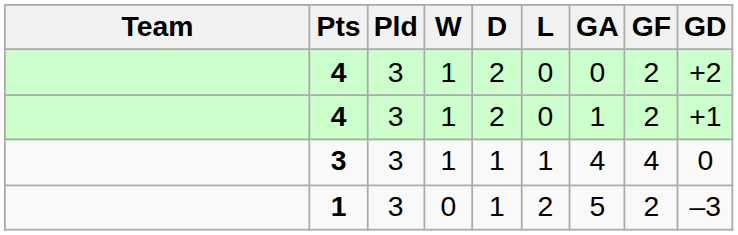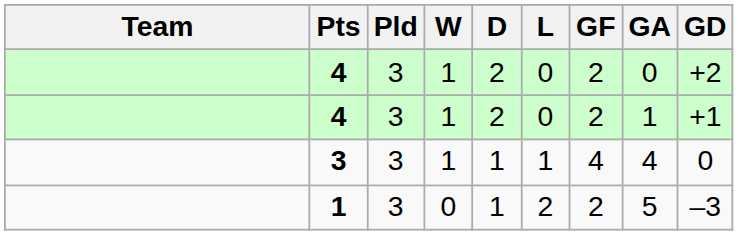 <table class=wikitable style="text-align:center">
 <tr>
 <th width=165>Team</th>
 <th width=20>Pts</th>
 <th width=20>Pld</th>
 <th width=20>W</th>
 <th width=20>D</th>
 <th width=20>L</th>
+<th width=20>GF</th>
 <th width=20>GA</th>
-<th width=20>GF</th>
 <th width=20>GD</th>
 </tr>
 <tr align=center style="background:#ccffcc;">
 <td style="text-align:left;"></td>
 <td><strong>4</strong></td>
 <td>3</td>
 <td>1</td>
 <td>2</td>
 <td>0</td>
+<td>2</td>
 <td>0</td>
-<td>2</td>
 <td>+2</td>
 </tr>
 <tr align=center style="background:#ccffcc;">
 <td style="text-align:left;"></td>
 <td><strong>4</strong></td>
 <td>3</td>
 <td>1</td>
 <td>2</td>
 <td>0</td>
+<td>2</td>
 <td>1</td>
-<td>2</td>
 <td>+1</td>
 </tr>
 <tr align=center>
 <td style="text-align:left;"></td>
 <td><strong>3</strong></td>
 <td>3</td>
 <td>1</td>
 <td>1</td>
 <td>1</td>
 <td>4</td>
 <td>4</td>
 <td>0</td>
 </tr>
 <tr align=center>
 <td style="text-align:left;"></td>
 <td><strong>1</strong></td>
 <td>3</td>
 <td>0</td>
 <td>1</td>
 <td>2</td>
+<td>2</td>
 <td>5</td>
-<td>2</td>
 <td>–3</td>
 </tr>
 </table>
